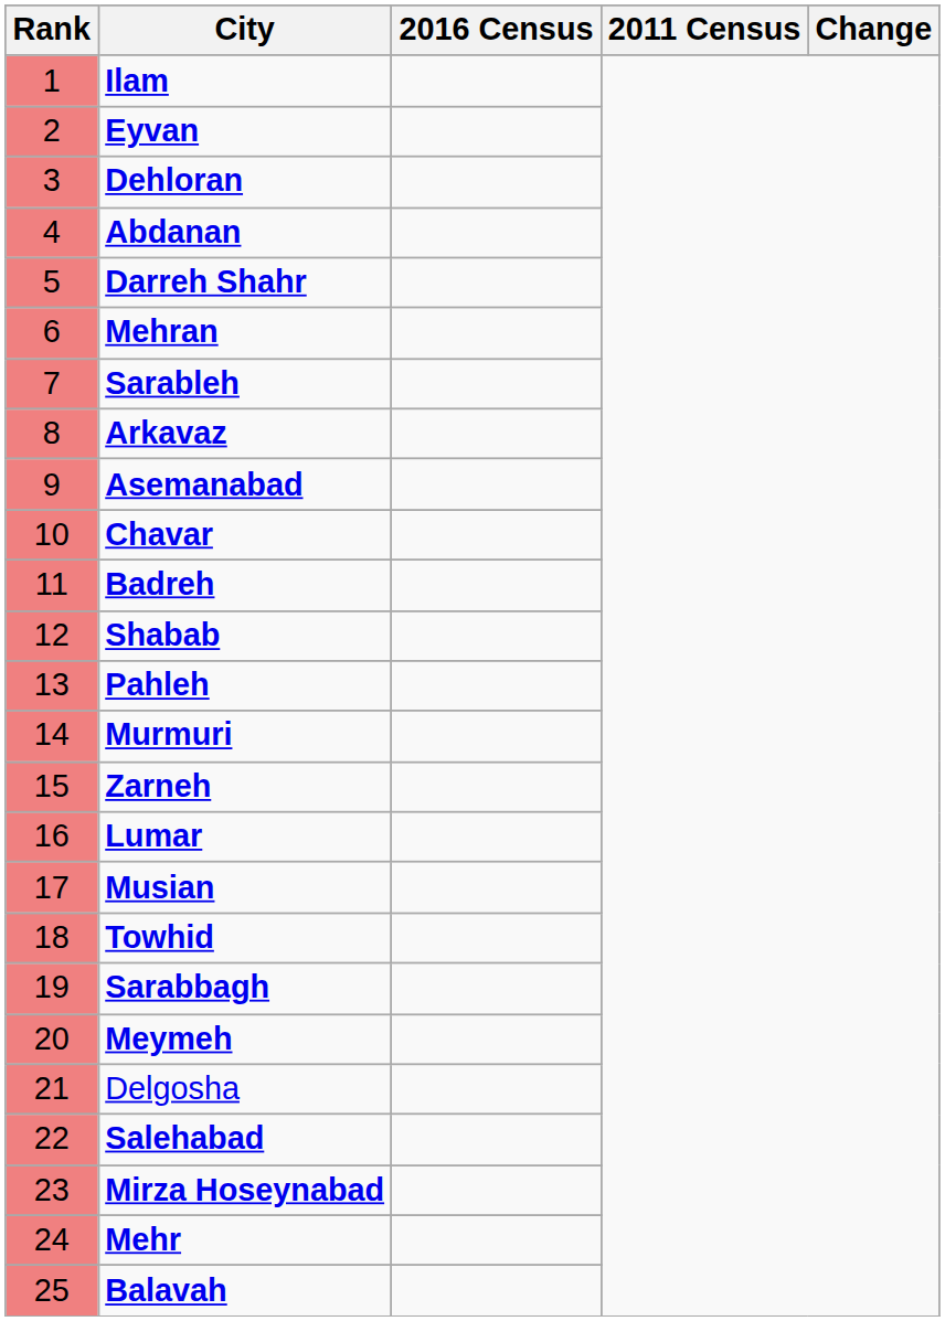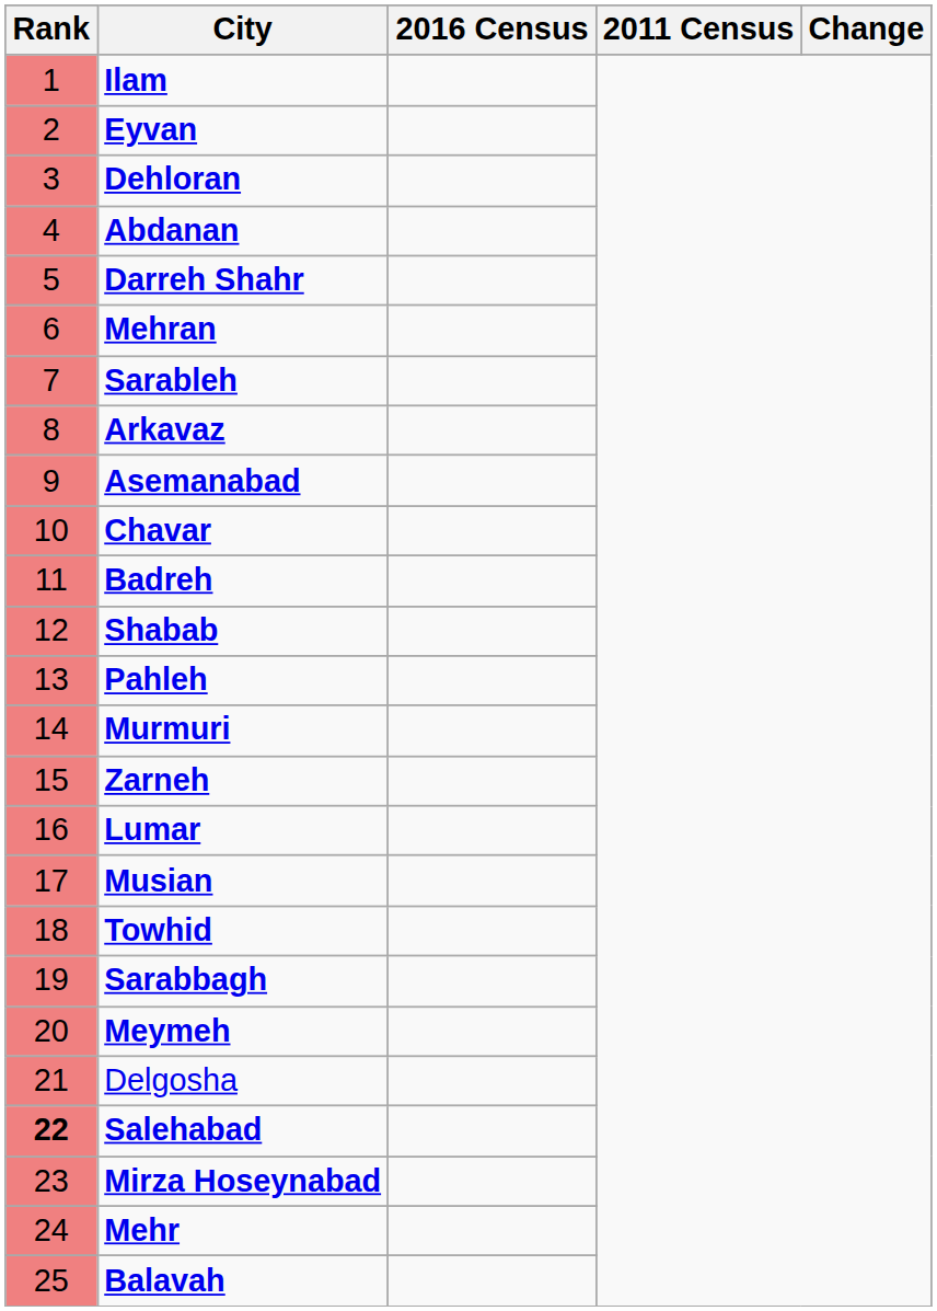 <table class="wikitable sortable">
 <tr>
 <th>Rank</th>
 <th>City</th>
 <th>2016 Census</th>
 <th>2011 Census</th>
 <th>Change</th>
 </tr>
 <tr>
 <td align=center bgcolor="F08080">1</td>
 <td><strong><a href='#'>Ilam</a></strong></td>
 <td></td>
 </tr>
 <tr>
 <td align=center bgcolor="F08080">2</td>
 <td><strong><a href='#'>Eyvan</a></strong></td>
 <td></td>
 </tr>
 <tr>
 <td align=center bgcolor="F08080">3</td>
 <td><strong><a href='#'>Dehloran</a></strong></td>
 <td></td>
 </tr>
 <tr>
 <td align=center bgcolor="F08080">4</td>
 <td><strong><a href='#'>Abdanan</a></strong></td>
 <td></td>
 </tr>
 <tr>
 <td align=center bgcolor="F08080">5</td>
 <td><strong><a href='#'>Darreh Shahr</a></strong></td>
 <td></td>
 </tr>
 <tr>
 <td align=center bgcolor="F08080">6</td>
 <td><strong><a href='#'>Mehran</a></strong></td>
 <td></td>
 </tr>
 <tr>
 <td align=center bgcolor="F08080">7</td>
 <td><strong><a href='#'>Sarableh</a></strong></td>
 <td></td>
 </tr>
 <tr>
 <td align=center bgcolor="F08080">8</td>
 <td><strong><a href='#'>Arkavaz</a></strong></td>
 <td></td>
 </tr>
 <tr>
 <td align=center bgcolor="F08080">9</td>
 <td><strong><a href='#'>Asemanabad</a></strong></td>
 <td></td>
 </tr>
 <tr>
 <td align=center bgcolor="F08080">10</td>
 <td><strong><a href='#'>Chavar</a></strong></td>
 <td></td>
 </tr>
 <tr>
 <td align=center bgcolor="F08080">11</td>
 <td><strong><a href='#'>Badreh</a></strong></td>
 <td></td>
 </tr>
 <tr>
 <td align=center bgcolor="F08080">12</td>
 <td><strong><a href='#'>Shabab</a></strong></td>
 <td></td>
 </tr>
 <tr>
 <td align=center bgcolor="F08080">13</td>
 <td><strong><a href='#'>Pahleh</a></strong></td>
 <td></td>
 </tr>
 <tr>
 <td align=center bgcolor="F08080">14</td>
 <td><strong><a href='#'>Murmuri</a></strong></td>
 <td></td>
 </tr>
 <tr>
 <td align=center bgcolor="F08080">15</td>
 <td><strong><a href='#'>Zarneh</a></strong></td>
 <td></td>
 </tr>
 <tr>
 <td align=center bgcolor="F08080">16</td>
 <td><strong><a href='#'>Lumar</a></strong></td>
 <td></td>
 </tr>
 <tr>
 <td align=center bgcolor="F08080">17</td>
 <td><strong><a href='#'>Musian</a></strong></td>
 <td></td>
 </tr>
 <tr>
 <td align=center bgcolor="F08080">18</td>
 <td><strong><a href='#'>Towhid</a></strong></td>
 <td></td>
 </tr>
 <tr>
 <td align=center bgcolor="F08080">19</td>
 <td><strong><a href='#'>Sarabbagh</a></strong></td>
 <td></td>
 </tr>
 <tr>
 <td align=center bgcolor="F08080">20</td>
 <td><strong><a href='#'>Meymeh</a></strong></td>
 <td></td>
 </tr>
 <tr>
 <td align=center bgcolor="F08080">21</td>
 <td><a href='#'>Delgosha</a></td>
 <td></td>
 </tr>
 <tr>
-<td align=center bgcolor="F08080">22</td>
+<td align=center bgcolor="F08080"><strong>22</strong></td>
 <td><strong><a href='#'>Salehabad</a></strong></td>
 <td></td>
 </tr>
 <tr>
 <td align=center bgcolor="F08080">23</td>
 <td><strong><a href='#'>Mirza Hoseynabad</a></strong></td>
 <td></td>
 </tr>
 <tr>
 <td align=center bgcolor="F08080">24</td>
 <td><strong><a href='#'>Mehr</a></strong></td>
 <td></td>
 </tr>
 <tr>
 <td align=center bgcolor="F08080">25</td>
 <td><strong><a href='#'>Balavah</a></strong></td>
 <td></td>
 </tr>
 <tr>
 </tr>
 </table>
